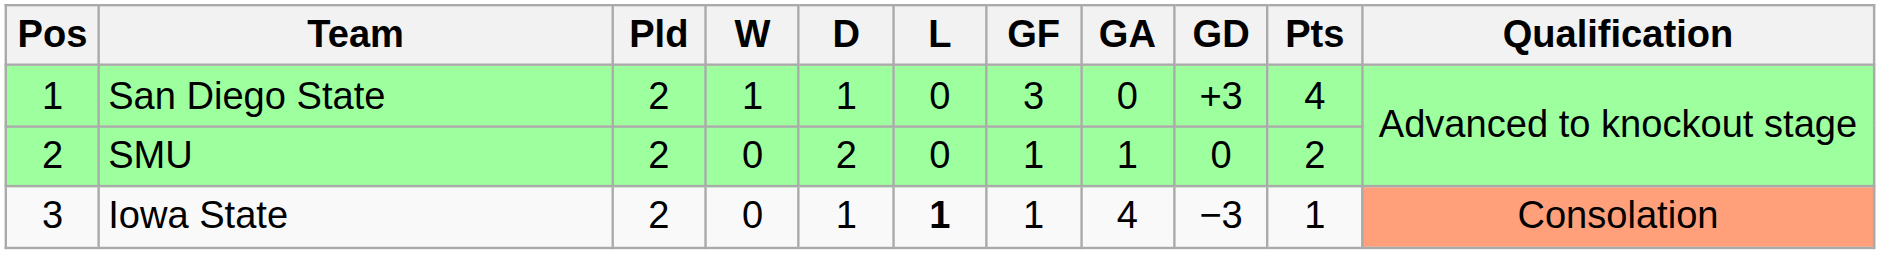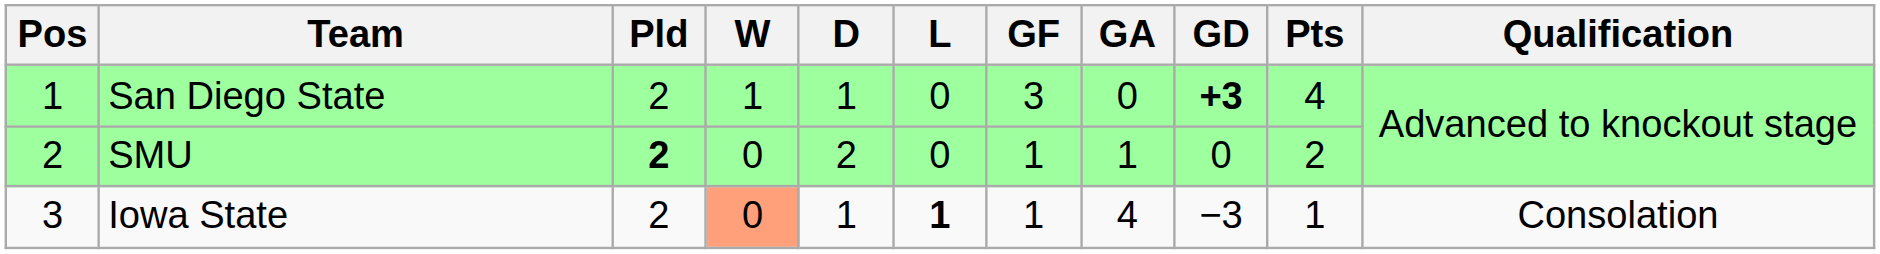 <table class="wikitable" style="text-align:center; margin: 1em auto">
 <tr>
 <th style="width:2em">Pos</th>
 <th style="width:13em">Team</th>
 <th style="width:2em">Pld</th>
 <th style="width:2em">W</th>
 <th style="width:2em">D</th>
 <th style="width:2em">L</th>
 <th style="width:2em">GF</th>
 <th style="width:2em">GA</th>
 <th style="width:2em">GD</th>
 <th style="width:2em">Pts</th>
 <th style="width:13em">Qualification</th>
 </tr>
 <tr bgcolor="#9eff9e">
 <td>1</td>
 <td style="text-align:left">San Diego State</td>
 <td>2</td>
 <td>1</td>
 <td>1</td>
 <td>0</td>
 <td>3</td>
 <td>0</td>
-<td>+3</td>
+<td><strong>+3</strong></td>
 <td>4</td>
 <td rowspan="2">Advanced to knockout stage</td>
 </tr>
 <tr bgcolor="#9eff9e">
 <td>2</td>
 <td style="text-align:left">SMU</td>
-<td>2</td>
+<td><strong>2</strong></td>
 <td>0</td>
 <td>2</td>
 <td>0</td>
 <td>1</td>
 <td>1</td>
 <td>0</td>
 <td>2</td>
 </tr>
 <tr>
 <td>3</td>
 <td style="text-align:left">Iowa State</td>
 <td>2</td>
-<td>0</td>
+<td style="background: lightsalmon;">0</td>
 <td>1</td>
 <td><strong>1</strong></td>
 <td>1</td>
 <td>4</td>
 <td>−3</td>
 <td>1</td>
-<td style="background: lightsalmon;">Consolation</td>
+<td>Consolation</td>
 </tr>
 </table>
